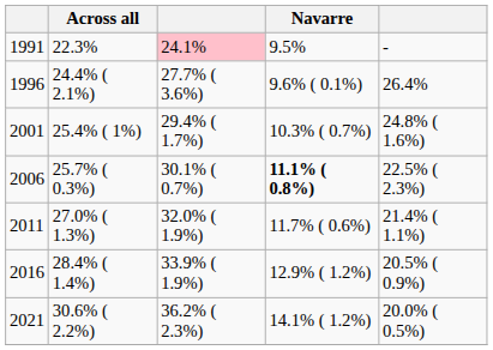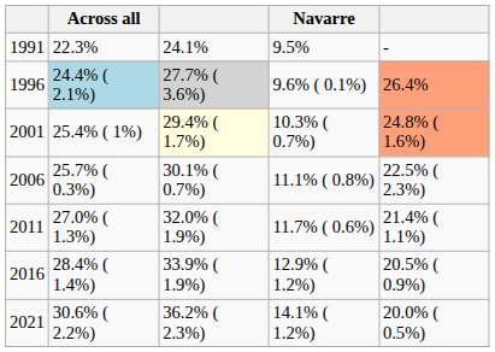 <table class="wikitable sortable" width=50% style=" text-align:left;clear:all; margin-left:20px; margin-right;">
 <tr bgcolor=#efefef class="sortable">
 <th scope="col"> </th>
 <th scope="col">Across all</th>
 <th scope="col"></th>
 <th scope="col">Navarre</th>
 <th scope="col"></th>
 </tr>
 <tr>
 <td>1991</td>
 <td>22.3%</td>
-<td style="background: pink;">24.1%</td>
+<td>24.1%</td>
 <td>9.5%</td>
 <td>-</td>
 </tr>
 <tr>
 <td>1996</td>
-<td>24.4% ( 2.1%)</td>
-<td>27.7% ( 3.6%)</td>
+<td style="background: lightblue;">24.4% ( 2.1%)</td>
+<td style="background: lightgrey;">27.7% ( 3.6%)</td>
 <td>9.6% ( 0.1%)</td>
-<td>26.4%</td>
+<td style="background: lightsalmon;">26.4%</td>
 </tr>
 <tr>
 <td>2001</td>
 <td>25.4% ( 1%)</td>
-<td>29.4% ( 1.7%)</td>
+<td style="background: lightyellow;">29.4% ( 1.7%)</td>
 <td>10.3% ( 0.7%)</td>
-<td>24.8% ( 1.6%)</td>
+<td style="background: lightsalmon;">24.8% ( 1.6%)</td>
 </tr>
 <tr>
 <td>2006</td>
 <td>25.7% ( 0.3%)</td>
 <td>30.1% ( 0.7%)</td>
-<td><strong>11.1% ( 0.8%)</strong></td>
+<td>11.1% ( 0.8%)</td>
 <td>22.5% ( 2.3%)</td>
 </tr>
 <tr>
 <td>2011</td>
 <td>27.0% ( 1.3%)</td>
 <td>32.0% ( 1.9%)</td>
 <td>11.7% ( 0.6%)</td>
 <td>21.4% ( 1.1%)</td>
 </tr>
 <tr>
 <td>2016</td>
 <td>28.4% ( 1.4%)</td>
 <td>33.9% ( 1.9%)</td>
 <td>12.9% ( 1.2%)</td>
 <td>20.5% ( 0.9%)</td>
 </tr>
 <tr>
 <td>2021</td>
 <td>30.6% ( 2.2%)</td>
 <td>36.2% ( 2.3%)</td>
 <td>14.1% ( 1.2%)</td>
 <td>20.0% ( 0.5%)</td>
 </tr>
 <tr>
 </tr>
 </table>
